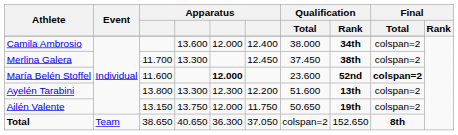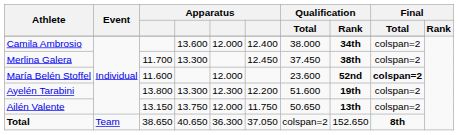 <table class="wikitable" style="font-size:90%">
 <tr>
 <th rowspan="2">Athlete</th>
 <th rowspan="2">Event</th>
 <th colspan = "4">Apparatus</th>
 <th colspan = "2">Qualification</th>
 <th colspan = "2">Final</th>
 </tr>
 <tr>
 <th></th>
 <th></th>
 <th></th>
 <th></th>
 <th>Total</th>
 <th>Rank</th>
 <th>Total</th>
 <th>Rank</th>
 </tr>
 <tr>
 </tr>
 <tr align=center>
 <td align=left><a href='#'>Camila Ambrosio</a></td>
 <td style="text-align:left;" rowspan="5"><a href='#'>Individual</a></td>
 <td></td>
 <td>13.600</td>
 <td>12.000</td>
 <td>12.400</td>
 <td>38.000</td>
 <td><strong>34th</strong></td>
 <td>colspan=2 </td>
 </tr>
 <tr align=center>
 <td align=left><a href='#'>Merlina Galera</a></td>
 <td>11.700</td>
 <td>13.300</td>
 <td></td>
 <td>12.450</td>
 <td>37.450</td>
 <td><strong>38th</strong></td>
 <td>colspan=2 </td>
 </tr>
 <tr align=center>
 <td align=left><a href='#'>María Belén Stoffel</a></td>
 <td>11.600</td>
 <td></td>
-<td><strong>12.000</strong></td>
+<td>12.000</td>
 <td></td>
 <td>23.600</td>
 <td><strong>52nd</strong></td>
 <td><strong>colspan=2 </strong></td>
 </tr>
 <tr align=center>
 <td align=left><a href='#'>Ayelén Tarabini</a></td>
 <td>13.800</td>
 <td>13.300</td>
 <td>12.300</td>
 <td>12.200</td>
 <td>51.600</td>
-<td><strong>13th</strong></td>
+<td><strong>19th</strong></td>
 <td>colspan=2 </td>
 </tr>
 <tr align=center>
 <td align=left><a href='#'>Ailén Valente</a></td>
 <td>13.150</td>
 <td>13.750</td>
 <td>12.000</td>
 <td>11.750</td>
 <td>50.650</td>
-<td><strong>19th</strong></td>
+<td><strong>13th</strong></td>
 <td>colspan=2 </td>
 </tr>
 <tr align=center>
 <td align=left><strong>Total</strong></td>
 <td style="text-align:left;"><a href='#'>Team</a></td>
 <td>38.650</td>
 <td>40.650</td>
 <td>36.300</td>
 <td>37.050</td>
 <td>colspan=2 </td>
 <td>152.650</td>
 <td><strong>8th</strong></td>
 </tr>
 </table>
